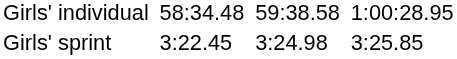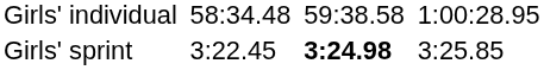 <table>
 <tr>
 <td>Girls' individual <br></td>
 <td></td>
 <td>58:34.48</td>
 <td></td>
 <td>59:38.58</td>
 <td></td>
 <td>1:00:28.95</td>
 </tr>
 <tr>
 <td>Girls' sprint <br></td>
 <td></td>
 <td>3:22.45</td>
 <td></td>
-<td>3:24.98</td>
+<td><strong>3:24.98</strong></td>
 <td></td>
 <td>3:25.85</td>
 </tr>
 </table>
